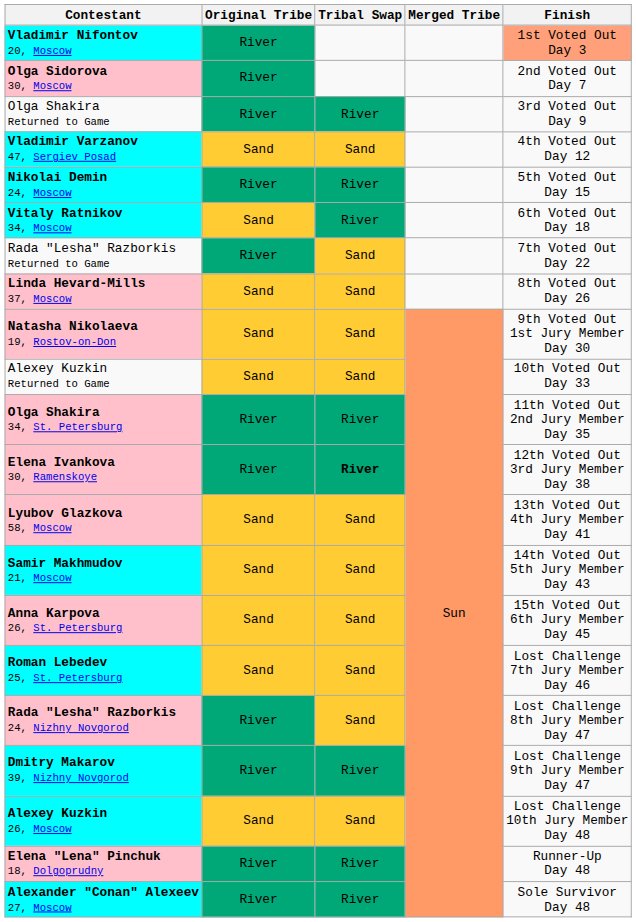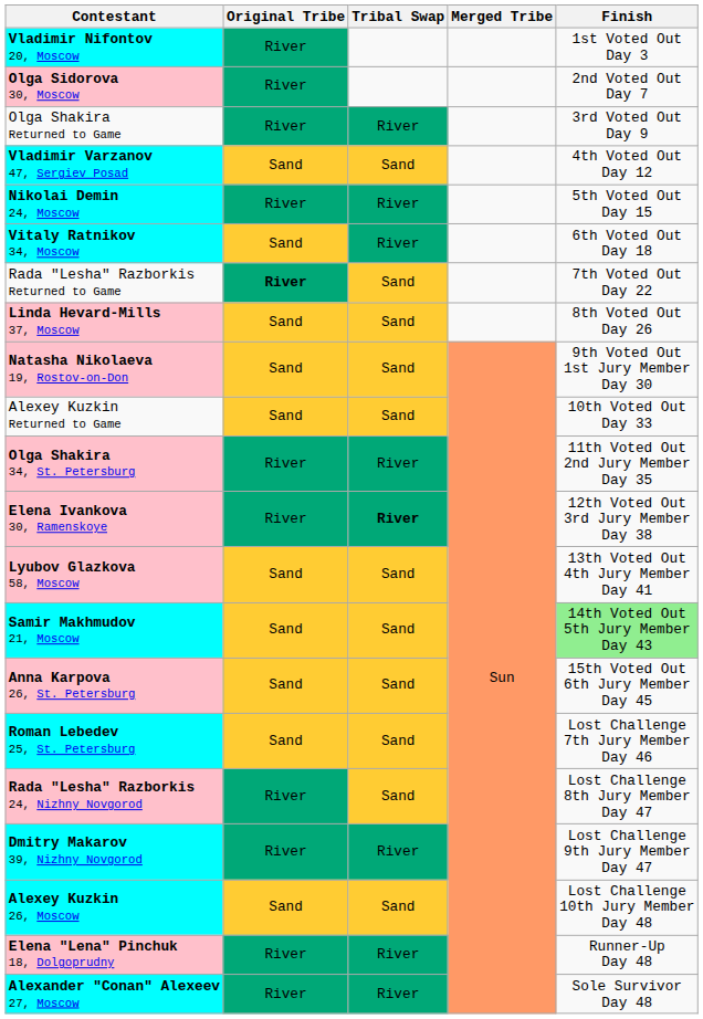 <table class="wikitable" style="margin:auto; text-align:center">
 <tr>
 <th align="left">Contestant</th>
 <th>Original Tribe</th>
 <th>Tribal Swap</th>
 <th>Merged Tribe</th>
 <th>Finish</th>
 </tr>
 <tr>
 <td bgcolor="cyan" align="left"><strong>Vladimir Nifontov</strong><br><small>20, <a href='#'>Moscow</a></small></td>
 <td bgcolor="#00A877"><span>River</span></td>
 <td></td>
 <td></td>
-<td style="background: lightsalmon;">1st Voted Out<br>Day 3</td>
+<td>1st Voted Out<br>Day 3</td>
 </tr>
 <tr>
 <td bgcolor="pink" align="left"><strong>Olga Sidorova</strong><br><small>30, <a href='#'>Moscow</a></small></td>
 <td bgcolor="#00A877"><span>River</span></td>
 <td></td>
 <td></td>
 <td>2nd Voted Out<br>Day 7</td>
 </tr>
 <tr>
 <td align="left">Olga Shakira<br><small>Returned to Game</small></td>
 <td bgcolor="#00A877"><span>River</span></td>
 <td bgcolor="#00A877"><span>River</span></td>
 <td></td>
 <td>3rd Voted Out<br>Day 9</td>
 </tr>
 <tr>
 <td bgcolor="cyan" align="left"><strong>Vladimir Varzanov</strong><br><small>47, <a href='#'>Sergiev Posad</a></small></td>
 <td bgcolor="#FFCC33"><span>Sand</span></td>
 <td bgcolor="#FFCC33"><span>Sand</span></td>
 <td></td>
 <td>4th Voted Out<br>Day 12</td>
 </tr>
 <tr>
 <td bgcolor="cyan" align="left"><strong>Nikolai Demin</strong><br><small>24, <a href='#'>Moscow</a></small></td>
 <td bgcolor="#00A877"><span>River</span></td>
 <td bgcolor="#00A877"><span>River</span></td>
 <td></td>
 <td>5th Voted Out<br>Day 15</td>
 </tr>
 <tr>
 <td bgcolor="cyan" align="left"><strong>Vitaly Ratnikov</strong><br><small>34, <a href='#'>Moscow</a></small></td>
 <td bgcolor="#FFCC33"><span>Sand</span></td>
 <td bgcolor="#00A877"><span>River</span></td>
 <td></td>
 <td>6th Voted Out<br>Day 18</td>
 </tr>
 <tr>
 <td align="left">Rada "Lesha" Razborkis<br><small>Returned to Game</small></td>
-<td bgcolor="#00A877"><span>River</span></td>
+<td bgcolor="#00A877"><strong><span>River</span></strong></td>
 <td bgcolor="#FFCC33"><span>Sand</span></td>
 <td></td>
 <td>7th Voted Out<br>Day 22</td>
 </tr>
 <tr>
 <td bgcolor="pink" align="left"><strong>Linda Hevard-Mills</strong><br><small>37, <a href='#'>Moscow</a></small></td>
 <td bgcolor="#FFCC33"><span>Sand</span></td>
 <td bgcolor="#FFCC33"><span>Sand</span></td>
 <td></td>
 <td>8th Voted Out<br>Day 26</td>
 </tr>
 <tr>
 <td bgcolor="pink" align="left"><strong>Natasha Nikolaeva</strong><br><small>19, <a href='#'>Rostov-on-Don</a></small></td>
 <td bgcolor="#FFCC33"><span>Sand</span></td>
 <td bgcolor="#FFCC33"><span>Sand</span></td>
 <td rowspan="13" bgcolor="#FF9966"><span>Sun</span></td>
 <td>9th Voted Out<br>1st Jury Member<br>Day 30</td>
 </tr>
 <tr>
 <td align="left">Alexey Kuzkin<br><small>Returned to Game</small></td>
 <td bgcolor="#FFCC33"><span>Sand</span></td>
 <td bgcolor="#FFCC33"><span>Sand</span></td>
 <td>10th Voted Out<br>Day 33</td>
 </tr>
 <tr>
 <td bgcolor="pink" align="left"><strong>Olga Shakira</strong><br><small>34, <a href='#'>St. Petersburg</a></small></td>
 <td bgcolor="#00A877"><span>River</span></td>
 <td bgcolor="#00A877"><span>River</span></td>
 <td>11th Voted Out<br>2nd Jury Member<br>Day 35</td>
 </tr>
 <tr>
 <td bgcolor="pink" align="left"><strong>Elena Ivankova</strong><br><small>30, <a href='#'>Ramenskoye</a></small></td>
 <td bgcolor="#00A877"><span>River</span></td>
 <td bgcolor="#00A877"><strong><span>River</span></strong></td>
 <td>12th Voted Out<br>3rd Jury Member<br>Day 38</td>
 </tr>
 <tr>
 <td bgcolor="pink" align="left"><strong>Lyubov Glazkova</strong><br><small>58, <a href='#'>Moscow</a></small></td>
 <td bgcolor="#FFCC33"><span>Sand</span></td>
 <td bgcolor="#FFCC33"><span>Sand</span></td>
 <td>13th Voted Out<br>4th Jury Member<br>Day 41</td>
 </tr>
 <tr>
 <td bgcolor="cyan" align="left"><strong>Samir Makhmudov</strong><br><small>21, <a href='#'>Moscow</a></small></td>
 <td bgcolor="#FFCC33"><span>Sand</span></td>
 <td bgcolor="#FFCC33"><span>Sand</span></td>
-<td>14th Voted Out<br>5th Jury Member<br>Day 43</td>
+<td style="background: lightgreen;">14th Voted Out<br>5th Jury Member<br>Day 43</td>
 </tr>
 <tr>
 <td bgcolor="pink" align="left"><strong>Anna Karpova</strong><br><small>26, <a href='#'>St. Petersburg</a></small></td>
 <td bgcolor="#FFCC33"><span>Sand</span></td>
 <td bgcolor="#FFCC33"><span>Sand</span></td>
 <td>15th Voted Out<br>6th Jury Member<br>Day 45</td>
 </tr>
 <tr>
 <td bgcolor="cyan" align="left"><strong>Roman Lebedev</strong><br><small>25, <a href='#'>St. Petersburg</a></small></td>
 <td bgcolor="#FFCC33"><span>Sand</span></td>
 <td bgcolor="#FFCC33"><span>Sand</span></td>
 <td>Lost Challenge<br>7th Jury Member<br>Day 46</td>
 </tr>
 <tr>
 <td bgcolor="pink" align="left"><strong>Rada "Lesha" Razborkis</strong><br><small>24, <a href='#'>Nizhny Novgorod</a></small></td>
 <td bgcolor="#00A877"><span>River</span></td>
 <td bgcolor="#FFCC33"><span>Sand</span></td>
 <td>Lost Challenge<br>8th Jury Member<br>Day 47</td>
 </tr>
 <tr>
 <td bgcolor="cyan" align="left"><strong>Dmitry Makarov</strong><br><small>39, <a href='#'>Nizhny Novgorod</a></small></td>
 <td bgcolor="#00A877"><span>River</span></td>
 <td bgcolor="#00A877"><span>River</span></td>
 <td>Lost Challenge<br>9th Jury Member<br>Day 47</td>
 </tr>
 <tr>
 <td bgcolor="cyan" align="left"><strong>Alexey Kuzkin</strong><br><small>26, <a href='#'>Moscow</a></small></td>
 <td bgcolor="#FFCC33"><span>Sand</span></td>
 <td bgcolor="#FFCC33"><span>Sand</span></td>
 <td>Lost Challenge<br>10th Jury Member<br>Day 48</td>
 </tr>
 <tr>
 <td bgcolor="pink" align="left"><strong>Elena "Lena" Pinchuk</strong><br><small>18, <a href='#'>Dolgoprudny</a></small></td>
 <td bgcolor="#00A877"><span>River</span></td>
 <td bgcolor="#00A877"><span>River</span></td>
 <td>Runner-Up<br>Day 48</td>
 </tr>
 <tr>
 <td bgcolor="cyan" align="left"><strong>Alexander "Conan" Alexeev</strong><br><small>27, <a href='#'>Moscow</a></small></td>
 <td bgcolor="#00A877"><span>River</span></td>
 <td bgcolor="#00A877"><span>River</span></td>
 <td>Sole Survivor<br>Day 48</td>
 </tr>
 </table>
